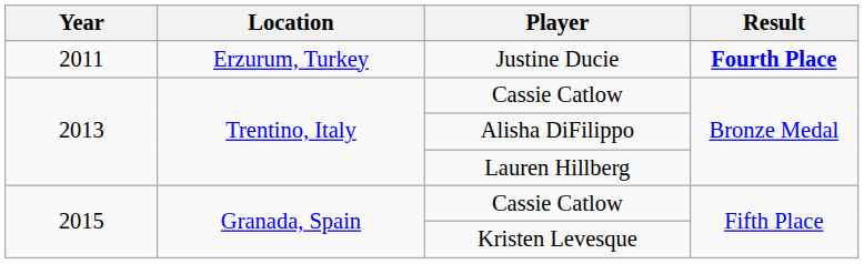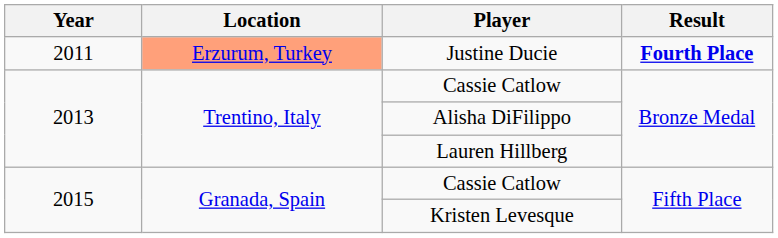 <table class="wikitable" style="text-align: center;">
 <tr>
 <th scope="col" width="100px">Year</th>
 <th scope="col" width="180px">Location</th>
 <th scope="col" width="180px">Player</th>
 <th scope="col" width="110px">Result</th>
 </tr>
 <tr>
 <td rowspan="1">2011</td>
-<td rowspan="1"> <a href='#'>Erzurum, Turkey</a></td>
+<td rowspan="1" style="background: lightsalmon;"> <a href='#'>Erzurum, Turkey</a></td>
 <td> Justine Ducie</td>
 <td rowspan="1"><strong><a href='#'>Fourth Place</a></strong></td>
 </tr>
 <tr>
 <td rowspan="3">2013</td>
 <td rowspan="3"> <a href='#'>Trentino, Italy</a></td>
 <td> Cassie Catlow</td>
 <td rowspan="3"><a href='#'>Bronze Medal</a></td>
 </tr>
 <tr>
 <td> Alisha DiFilippo</td>
 </tr>
 <tr>
 <td> Lauren Hillberg</td>
 </tr>
 <tr>
 <td rowspan="8">2015</td>
 <td rowspan="8"> <a href='#'>Granada, Spain</a></td>
 <td> Cassie Catlow</td>
 <td rowspan="8"><a href='#'>Fifth Place</a></td>
 </tr>
 <tr>
 <td> Kristen Levesque</td>
 </tr>
 </table>
